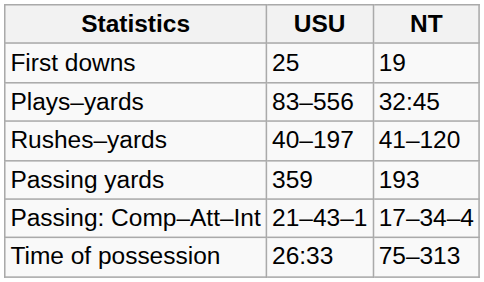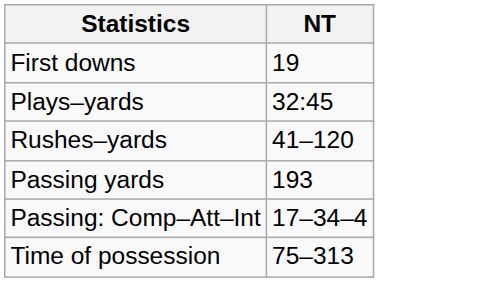 <table class="wikitable">
 <tr>
 <th>Statistics</th>
-<th>USU</th>
 <th>NT</th>
 </tr>
 <tr>
 <td>First downs</td>
-<td>25</td>
 <td>19</td>
 </tr>
 <tr>
 <td>Plays–yards</td>
-<td>83–556</td>
 <td>32:45</td>
 </tr>
 <tr>
 <td>Rushes–yards</td>
-<td>40–197</td>
 <td>41–120</td>
 </tr>
 <tr>
 <td>Passing yards</td>
-<td>359</td>
 <td>193</td>
 </tr>
 <tr>
 <td>Passing: Comp–Att–Int</td>
-<td>21–43–1</td>
 <td>17–34–4</td>
 </tr>
 <tr>
 <td>Time of possession</td>
-<td>26:33</td>
 <td>75–313</td>
 </tr>
 </table>
